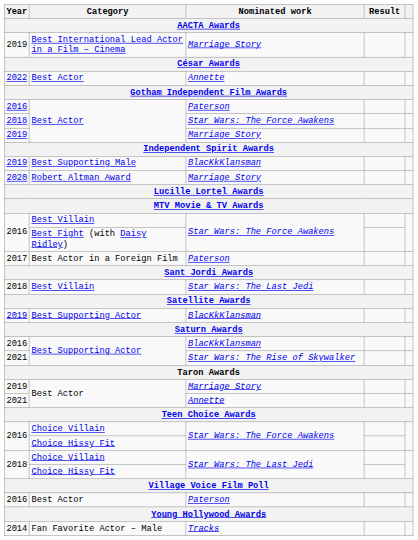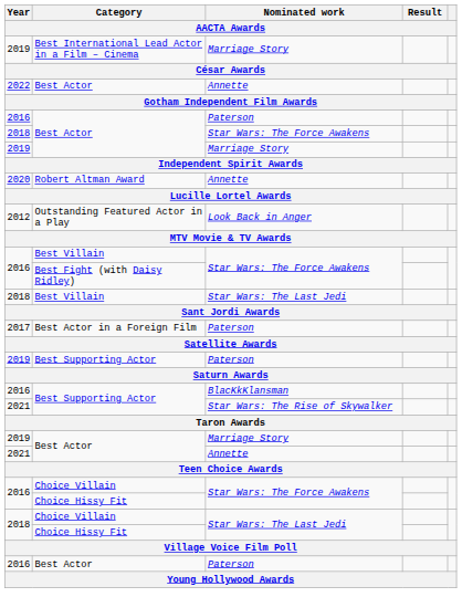 <table class="wikitable">
 <tr>
 <th scope="col" style="width:1em;">Year</th>
 <th scope="col" style="width:30em;">Category</th>
 <th scope="col" style="width:35em;">Nominated work</th>
 <th scope="col" style="width:5em;">Result</th>
 <th scope="col" style="width:1em;"></th>
 </tr>
 <tr>
 <th colspan="5"><a href='#'>AACTA Awards</a></th>
 </tr>
 <tr>
 <td style="text-align:center;">2019</td>
 <td><a href='#'>Best International Lead Actor in a Film – Cinema</a></td>
 <td><a href='#'><em>Marriage Story</em></a></td>
 <td></td>
 <td style="text-align:center;"></td>
 </tr>
 <tr>
 <th colspan="5"><a href='#'>César Awards</a></th>
 </tr>
 <tr>
 <td style="text-align:center;"><a href='#'>2022</a></td>
 <td><a href='#'>Best Actor</a></td>
 <td><em><a href='#'>Annette</a></em></td>
 <td></td>
 <td style="text-align:center;"></td>
 </tr>
 <tr>
 <th colspan="5"><a href='#'>Gotham Independent Film Awards</a></th>
 </tr>
 <tr>
 <td style="text-align:center;"><a href='#'>2016</a></td>
 <td rowspan=3><a href='#'>Best Actor</a></td>
 <td><em><a href='#'>Paterson</a></em></td>
 <td></td>
 <td style="text-align:center;"></td>
 </tr>
 <tr>
 <td style="text-align:center;"><a href='#'>2018</a></td>
 <td><em><a href='#'>Star Wars: The Force Awakens</a></em></td>
 <td></td>
 <td style="text-align:center;"></td>
 </tr>
 <tr>
 <td style="text-align:center;"><a href='#'>2019</a></td>
 <td><em><a href='#'>Marriage Story</a></em></td>
 <td></td>
 <td style="text-align:center;"></td>
 </tr>
 <tr>
 <th colspan="5"><a href='#'>Independent Spirit Awards</a></th>
 </tr>
 <tr>
-<td style="text-align:center;"><a href='#'>2019</a></td>
-<td><a href='#'>Best Supporting Male</a></td>
-<td><em><a href='#'>BlacKkKlansman</a></em></td>
-<td></td>
-<td style="text-align:center;"></td>
-</tr>
-<tr>
 <td style="text-align:center;"><a href='#'>2020</a></td>
 <td><a href='#'>Robert Altman Award</a></td>
-<td><em><a href='#'>Marriage Story</a></em></td>
+<td><em><a href='#'>Annette</a></em></td>
 <td></td>
 <td style="text-align:center;"></td>
 </tr>
 <tr>
 <th colspan="5"><a href='#'>Lucille Lortel Awards</a></th>
+</tr>
+<tr>
+<td style="text-align:center;">2012</td>
+<td>Outstanding Featured Actor in a Play</td>
+<td><em><a href='#'>Look Back in Anger</a></em></td>
+<td></td>
+<td style="text-align:center;"></td>
 </tr>
 <tr>
 <th colspan="5"><a href='#'>MTV Movie & TV Awards</a></th>
 </tr>
 <tr>
 <td style="text-align:center;", rowspan="2">2016</td>
 <td><a href='#'>Best Villain</a></td>
 <td rowspan="2"><em><a href='#'>Star Wars: The Force Awakens</a></em></td>
 <td></td>
 <td style="text-align:center;" rowspan="2"></td>
 </tr>
 <tr>
 <td><a href='#'>Best Fight</a> (with <a href='#'>Daisy Ridley</a>)</td>
 <td></td>
 </tr>
 <tr>
-<td style="text-align:center;">2017</td>
-<td>Best Actor in a Foreign Film</td>
-<td><em><a href='#'>Paterson</a></em></td>
+<td style="text-align:center;">2018</td>
+<td><a href='#'>Best Villain</a></td>
+<td><em><a href='#'>Star Wars: The Last Jedi</a></em></td>
 <td></td>
 <td style="text-align:center;"></td>
 </tr>
 <tr>
 <th colspan="5"><a href='#'>Sant Jordi Awards</a></th>
 </tr>
 <tr>
-<td style="text-align:center;">2018</td>
-<td><a href='#'>Best Villain</a></td>
-<td><em><a href='#'>Star Wars: The Last Jedi</a></em></td>
+<td style="text-align:center;">2017</td>
+<td>Best Actor in a Foreign Film</td>
+<td><em><a href='#'>Paterson</a></em></td>
 <td></td>
 <td style="text-align:center;"></td>
 </tr>
 <tr>
 <th colspan="5"><a href='#'>Satellite Awards</a></th>
 </tr>
 <tr>
 <td style="text-align:center;"><a href='#'>2019</a></td>
 <td><a href='#'>Best Supporting Actor</a></td>
-<td><em><a href='#'>BlacKkKlansman</a></em></td>
+<td><em><a href='#'>Paterson</a></em></td>
 <td></td>
 <td style="text-align:center;"></td>
 </tr>
 <tr>
 <th colspan="5"><a href='#'>Saturn Awards</a></th>
 </tr>
 <tr>
 <td style="text-align:center;">2016</td>
 <td rowspan=2><a href='#'>Best Supporting Actor</a></td>
 <td><em><a href='#'>BlacKkKlansman</a></em></td>
 <td></td>
 <td style="text-align:center;"></td>
 </tr>
 <tr>
 <td style="text-align:center;">2021</td>
 <td><em><a href='#'>Star Wars: The Rise of Skywalker</a></em></td>
 <td></td>
 <td style="text-align:center;"></td>
 </tr>
 <tr>
 <th colspan="5">Taron Awards</th>
 </tr>
 <tr>
 <td style="text-align:center;">2019</td>
 <td rowspan="2">Best Actor</td>
 <td><em><a href='#'>Marriage Story</a></em></td>
 <td></td>
 <td style="text-align:center;"></td>
 </tr>
 <tr>
 <td style="text-align:center;">2021</td>
 <td><em><a href='#'>Annette</a></em></td>
 <td></td>
 <td style="text-align:center;"></td>
 </tr>
 <tr>
 <th colspan="5"><a href='#'>Teen Choice Awards</a></th>
 </tr>
 <tr>
 <td style="text-align:center;", rowspan="2">2016</td>
 <td><a href='#'>Choice Villain</a></td>
 <td rowspan="2"><em><a href='#'>Star Wars: The Force Awakens</a></em></td>
 <td></td>
 <td style="text-align:center;" rowspan="2"></td>
 </tr>
 <tr>
 <td><a href='#'>Choice Hissy Fit</a></td>
 <td></td>
 </tr>
 <tr>
 <td style="text-align:center;", rowspan="2">2018</td>
 <td><a href='#'>Choice Villain</a></td>
 <td rowspan="2"><em><a href='#'>Star Wars: The Last Jedi</a></em></td>
 <td></td>
 <td style="text-align:center;" rowspan="2"></td>
 </tr>
 <tr>
 <td><a href='#'>Choice Hissy Fit</a></td>
 <td></td>
 </tr>
 <tr>
 <th colspan="5"><a href='#'>Village Voice Film Poll</a></th>
 </tr>
 <tr>
 <td style="text-align:center;">2016</td>
 <td>Best Actor</td>
 <td><em><a href='#'>Paterson</a></em></td>
 <td></td>
 <td style="text-align:center;"></td>
 </tr>
 <tr>
 <th colspan="5"><a href='#'>Young Hollywood Awards</a></th>
 </tr>
-<tr>
-<td style="text-align:center;">2014</td>
-<td>Fan Favorite Actor – Male</td>
-<td><em><a href='#'>Tracks</a></em></td>
-<td></td>
-<td style="text-align:center;"></td>
-</tr>
 </table>
